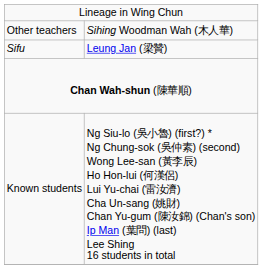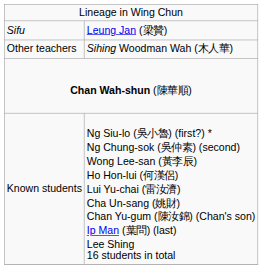 <table border class="wikitable">
 <tr>
 <td colspan="2" align="center">Lineage in Wing Chun</td>
 </tr>
 <tr>
+<td><em>Sifu</em></td>
+<td><a href='#'>Leung Jan</a> (梁贊)</td>
+</tr>
+<tr>
 <td>Other teachers</td>
 <td><em>Sihing</em> Woodman Wah (木人華)</td>
-</tr>
-<tr>
-<td><em>Sifu</em></td>
-<td><a href='#'>Leung Jan</a> (梁贊)</td>
 </tr>
 <tr>
 <td colspan="2" align="center"> <br><br><strong>Chan Wah-shun</strong> (陳華順)<br>  </td>
 </tr>
 <tr>
 <td>Known students</td>
 <td><br>Ng Siu-lo (吳小魯) (first?) *<br> Ng Chung-sok (吳仲素) (second)<br> Wong Lee-san (黃李辰)<br> Ho Hon-lui (何漢侶)<br> Lui Yu-chai (雷汝濟)<br> Cha Un-sang (姚財)<br> Chan Yu-gum (陳汝錦) (Chan's son)<br> <a href='#'>Ip Man</a> (葉問) (last)<br>Lee Shing<br>16 students in total</td>
 </tr>
 <tr>
 </tr>
 </table>
